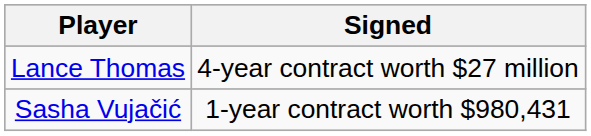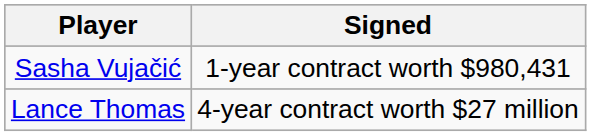 <table class="wikitable sortable sortable">
 <tr>
 <th>Player</th>
 <th>Signed</th>
 </tr>
 <tr style="text-align: center">
+<td><a href='#'>Sasha Vujačić</a></td>
+<td>1-year contract worth $980,431</td>
+</tr>
+<tr style="text-align: center">
 <td><a href='#'>Lance Thomas</a></td>
 <td>4-year contract worth $27 million</td>
 </tr>
-<tr style="text-align: center">
-<td><a href='#'>Sasha Vujačić</a></td>
-<td>1-year contract worth $980,431</td>
-</tr>
 </table>
